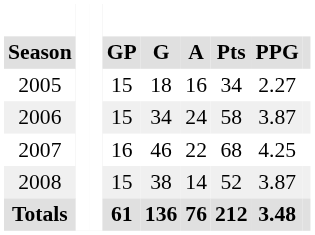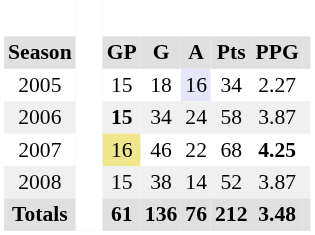 <table BORDER="0" CELLPADDING="3" CELLSPACING="0">
 <tr ALIGN="center" bgcolor="#e0e0e0">
 <th colspan="1" bgcolor="#ffffff"> </th>
 <th rowspan="99" bgcolor="#ffffff"> </th>
 <th rowspan="99" bgcolor="#ffffff"> </th>
 </tr>
 <tr ALIGN="center" bgcolor="#e0e0e0">
 <th>Season</th>
 <th>GP</th>
 <th>G</th>
 <th>A</th>
 <th>Pts</th>
 <th>PPG</th>
 <th></th>
 </tr>
 <tr ALIGN="center">
 <td>2005</td>
 <td>15</td>
 <td>18</td>
-<td>16</td>
+<td style="background: lavender;">16</td>
 <td>34</td>
 <td>2.27</td>
 <td></td>
 </tr>
 <tr ALIGN="center" bgcolor="#f0f0f0">
 <td>2006</td>
-<td>15</td>
+<td><strong>15</strong></td>
 <td>34</td>
 <td>24</td>
 <td>58</td>
 <td>3.87</td>
 <td></td>
 </tr>
 <tr ALIGN="center">
 <td>2007</td>
-<td>16</td>
+<td style="background: khaki;">16</td>
 <td>46</td>
 <td>22</td>
 <td>68</td>
-<td>4.25</td>
+<td><strong>4.25</strong></td>
 <td></td>
 </tr>
 <tr ALIGN="center" bgcolor="#f0f0f0">
 <td>2008</td>
 <td>15</td>
 <td>38</td>
 <td>14</td>
 <td>52</td>
 <td>3.87</td>
 <td></td>
 </tr>
 <tr ALIGN="center" bgcolor="#e0e0e0">
 <th colspan="1.5">Totals</th>
 <th>61</th>
 <th>136</th>
 <th>76</th>
 <th>212</th>
 <th>3.48</th>
 <th></th>
 </tr>
 </table>
